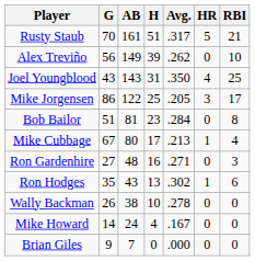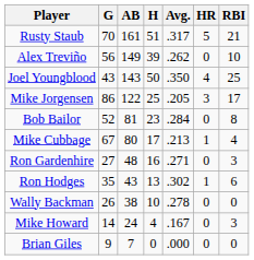 <table class="wikitable sortable">
 <tr>
 <th>Player</th>
 <th>G</th>
 <th>AB</th>
 <th>H</th>
 <th>Avg.</th>
 <th>HR</th>
 <th>RBI</th>
 </tr>
 <tr align="center">
 <td><a href='#'>Rusty Staub</a></td>
 <td>70</td>
 <td>161</td>
 <td>51</td>
 <td>.317</td>
 <td>5</td>
 <td>21</td>
 </tr>
 <tr align="center">
 <td><a href='#'>Alex Treviño</a></td>
 <td>56</td>
 <td>149</td>
 <td>39</td>
 <td>.262</td>
 <td>0</td>
 <td>10</td>
 </tr>
 <tr align="center">
 <td><a href='#'>Joel Youngblood</a></td>
 <td>43</td>
 <td>143</td>
-<td>31</td>
+<td>50</td>
 <td>.350</td>
 <td>4</td>
 <td>25</td>
 </tr>
 <tr align=center>
 <td><a href='#'>Mike Jorgensen</a></td>
 <td>86</td>
 <td>122</td>
 <td>25</td>
 <td>.205</td>
 <td>3</td>
 <td>17</td>
 </tr>
 <tr align=center>
 <td><a href='#'>Bob Bailor</a></td>
-<td>51</td>
+<td>52</td>
 <td>81</td>
 <td>23</td>
 <td>.284</td>
 <td>0</td>
 <td>8</td>
 </tr>
 <tr align=center>
 <td><a href='#'>Mike Cubbage</a></td>
 <td>67</td>
 <td>80</td>
 <td>17</td>
 <td>.213</td>
 <td>1</td>
 <td>4</td>
 </tr>
 <tr align=center>
 <td><a href='#'>Ron Gardenhire</a></td>
 <td>27</td>
 <td>48</td>
 <td>16</td>
 <td>.271</td>
 <td>0</td>
 <td>3</td>
 </tr>
 <tr align=center>
 <td><a href='#'>Ron Hodges</a></td>
 <td>35</td>
 <td>43</td>
 <td>13</td>
 <td>.302</td>
 <td>1</td>
 <td>6</td>
 </tr>
 <tr align=center>
 <td><a href='#'>Wally Backman</a></td>
 <td>26</td>
 <td>38</td>
 <td>10</td>
 <td>.278</td>
 <td>0</td>
 <td>0</td>
 </tr>
 <tr align=center>
 <td><a href='#'>Mike Howard</a></td>
 <td>14</td>
 <td>24</td>
 <td>4</td>
 <td>.167</td>
 <td>0</td>
-<td>0</td>
+<td>3</td>
 </tr>
 <tr align=center>
 <td><a href='#'>Brian Giles</a></td>
 <td>9</td>
 <td>7</td>
 <td>0</td>
 <td>.000</td>
 <td>0</td>
 <td>0</td>
 </tr>
 </table>
